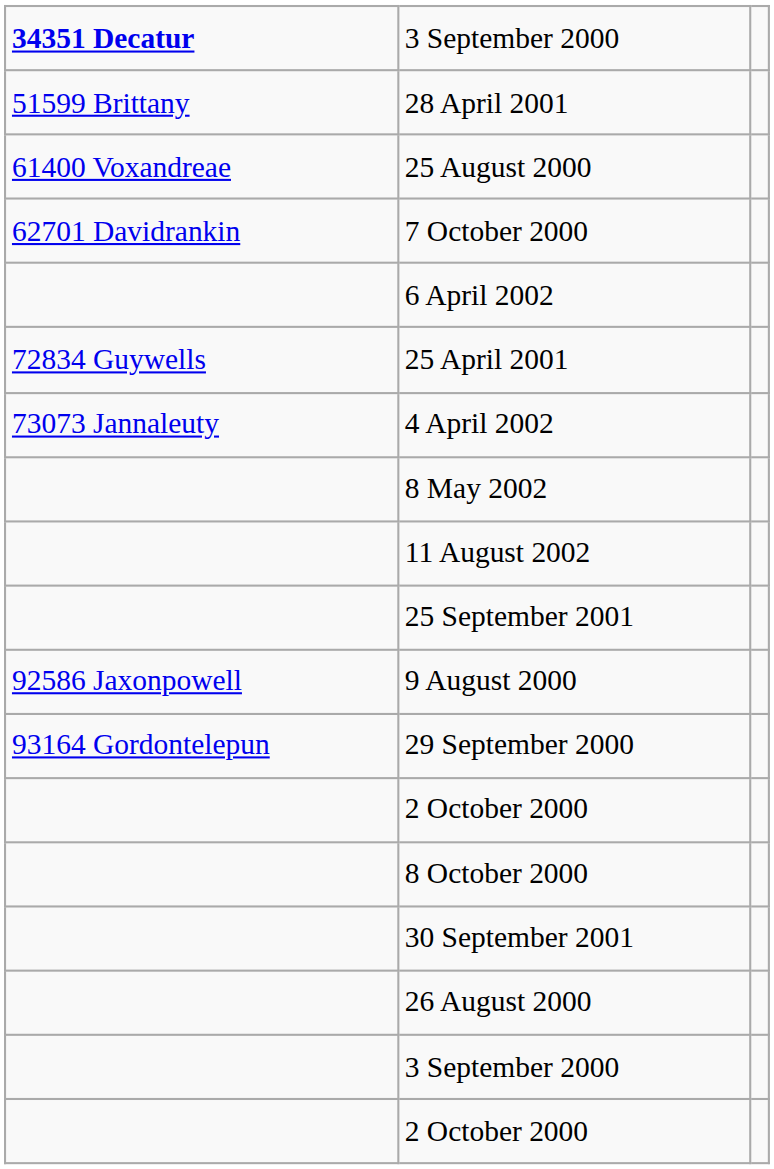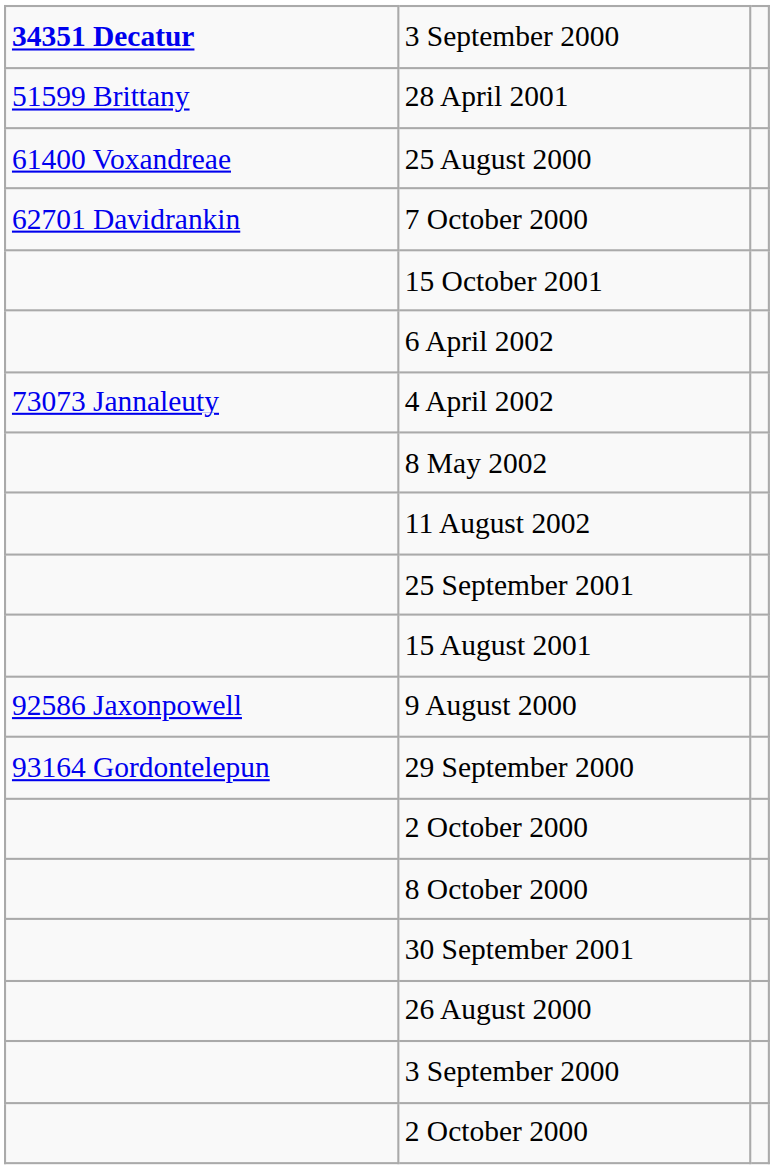 <table class="wikitable" style="font-size: 89%; float: left; width: 26em; margin-right: 1em; height: 560px;">
 <tr>
 <td><strong><a href='#'>34351 Decatur</a></strong></td>
 <td>3 September 2000</td>
 <td></td>
 </tr>
 <tr>
 <td><a href='#'>51599 Brittany</a></td>
 <td>28 April 2001</td>
 <td></td>
 </tr>
 <tr>
 <td><a href='#'>61400 Voxandreae</a></td>
 <td>25 August 2000</td>
 <td></td>
 </tr>
 <tr>
 <td><a href='#'>62701 Davidrankin</a></td>
 <td>7 October 2000</td>
 <td></td>
 </tr>
 <tr>
 <td></td>
-<td>6 April 2002</td>
+<td>15 October 2001</td>
 <td></td>
 </tr>
 <tr>
-<td><a href='#'>72834 Guywells</a></td>
-<td>25 April 2001</td>
+<td></td>
+<td>6 April 2002</td>
 <td></td>
 </tr>
 <tr>
 <td><a href='#'>73073 Jannaleuty</a></td>
 <td>4 April 2002</td>
 <td></td>
 </tr>
 <tr>
 <td></td>
 <td>8 May 2002</td>
 <td></td>
 </tr>
 <tr>
 <td></td>
 <td>11 August 2002</td>
 <td></td>
 </tr>
 <tr>
 <td></td>
 <td>25 September 2001</td>
+<td></td>
+</tr>
+<tr>
+<td></td>
+<td>15 August 2001</td>
 <td></td>
 </tr>
 <tr>
 <td><a href='#'>92586 Jaxonpowell</a></td>
 <td>9 August 2000</td>
 <td></td>
 </tr>
 <tr>
 <td><a href='#'>93164 Gordontelepun</a></td>
 <td>29 September 2000</td>
 <td></td>
 </tr>
 <tr>
 <td></td>
 <td>2 October 2000</td>
 <td></td>
 </tr>
 <tr>
 <td></td>
 <td>8 October 2000</td>
 <td></td>
 </tr>
 <tr>
 <td></td>
 <td>30 September 2001</td>
 <td></td>
 </tr>
 <tr>
 <td></td>
 <td>26 August 2000</td>
 <td></td>
 </tr>
 <tr>
 <td></td>
 <td>3 September 2000</td>
 <td></td>
 </tr>
 <tr>
 <td></td>
 <td>2 October 2000</td>
 <td></td>
 </tr>
 </table>
